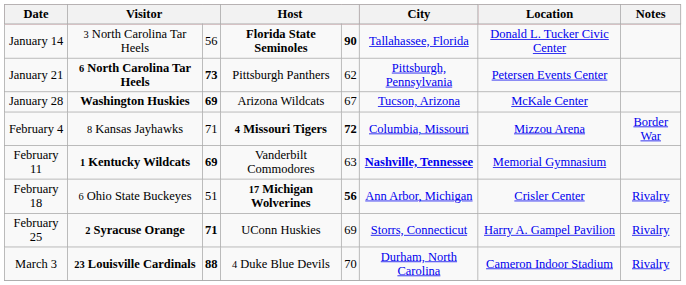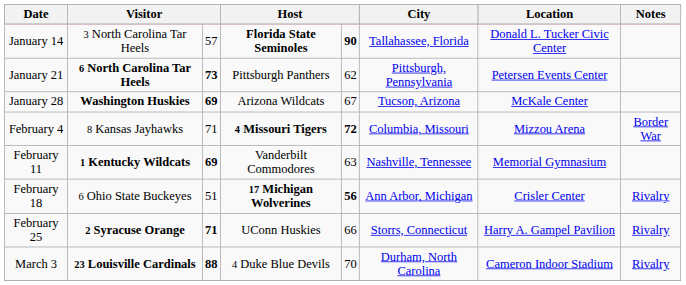 <table class="wikitable" style="text-align:center">
 <tr style="background:#A32638;"|>
 <th>Date</th>
 <th colspan=2>Visitor</th>
 <th colspan=2>Host</th>
 <th>City</th>
 <th>Location</th>
 <th>Notes</th>
 </tr>
 <tr>
 <td>January 14</td>
 <td><small>3</small> North Carolina Tar Heels</td>
-<td>56</td>
+<td>57</td>
 <td><strong>Florida State Seminoles</strong></td>
 <td><strong>90</strong></td>
 <td><a href='#'>Tallahassee, Florida</a></td>
 <td><a href='#'>Donald L. Tucker Civic Center</a></td>
 <td></td>
 </tr>
 <tr>
 <td>January 21</td>
 <td><strong><small>6</small> North Carolina Tar Heels</strong></td>
 <td><strong>73</strong></td>
 <td>Pittsburgh Panthers</td>
 <td>62</td>
 <td><a href='#'>Pittsburgh, Pennsylvania</a></td>
 <td><a href='#'>Petersen Events Center</a></td>
 <td></td>
 </tr>
 <tr>
 <td>January 28</td>
 <td><strong>Washington Huskies</strong></td>
 <td><strong>69</strong></td>
 <td>Arizona Wildcats</td>
 <td>67</td>
 <td><a href='#'>Tucson, Arizona</a></td>
 <td><a href='#'>McKale Center</a></td>
 <td></td>
 </tr>
 <tr>
 <td>February 4</td>
 <td><small>8</small> Kansas Jayhawks</td>
 <td>71</td>
 <td><strong><small>4</small> Missouri Tigers</strong></td>
 <td><strong>72</strong></td>
 <td><a href='#'>Columbia, Missouri</a></td>
 <td><a href='#'>Mizzou Arena</a></td>
 <td><a href='#'>Border War</a></td>
 </tr>
 <tr>
 <td>February 11</td>
 <td><strong><small>1</small> Kentucky Wildcats</strong></td>
 <td><strong>69</strong></td>
 <td>Vanderbilt Commodores</td>
 <td>63</td>
-<td><strong><a href='#'>Nashville, Tennessee</a></strong></td>
+<td><a href='#'>Nashville, Tennessee</a></td>
 <td><a href='#'>Memorial Gymnasium</a></td>
 <td></td>
 </tr>
 <tr>
 <td>February 18</td>
 <td><small>6</small> Ohio State Buckeyes</td>
 <td>51</td>
 <td><strong><small>17</small> Michigan Wolverines</strong></td>
 <td><strong>56</strong></td>
 <td><a href='#'>Ann Arbor, Michigan</a></td>
 <td><a href='#'>Crisler Center</a></td>
 <td><a href='#'>Rivalry</a></td>
 </tr>
 <tr>
 <td>February 25</td>
 <td><strong><small>2</small> Syracuse Orange</strong></td>
 <td><strong>71</strong></td>
 <td>UConn Huskies</td>
-<td>69</td>
+<td>66</td>
 <td><a href='#'>Storrs, Connecticut</a></td>
 <td><a href='#'>Harry A. Gampel Pavilion</a></td>
 <td><a href='#'>Rivalry</a></td>
 </tr>
 <tr>
 <td>March 3</td>
 <td><strong><small>23</small> Louisville Cardinals</strong></td>
 <td><strong>88</strong></td>
 <td><small>4</small> Duke Blue Devils</td>
 <td>70</td>
 <td><a href='#'>Durham, North Carolina</a></td>
 <td><a href='#'>Cameron Indoor Stadium</a></td>
 <td><a href='#'>Rivalry</a></td>
 </tr>
 <tr>
 </tr>
 </table>
